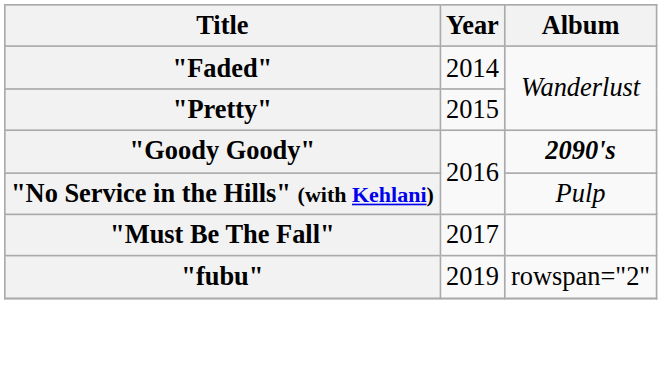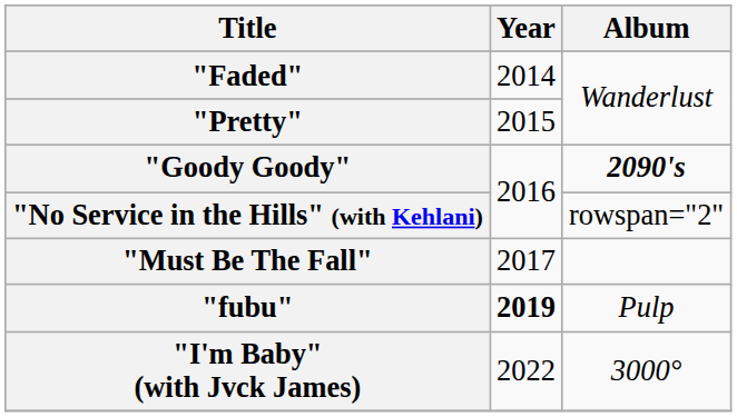 <table class="wikitable plainrowheaders" style="text-align:center;">
 <tr>
 <th scope="col">Title</th>
 <th scope="col">Year</th>
 <th scope="col">Album</th>
 </tr>
 <tr>
 <th scope="row">"Faded"</th>
 <td>2014</td>
 <td rowspan="2"><em>Wanderlust</em></td>
 </tr>
 <tr>
 <th scope="row">"Pretty"</th>
 <td>2015</td>
 </tr>
 <tr>
 <th scope="row">"Goody Goody"</th>
 <td rowspan="2">2016</td>
 <td><strong><em>2090's</em></strong></td>
 </tr>
 <tr>
 <th scope="row">"No Service in the Hills" <small>(with <a href='#'>Kehlani</a>)</small></th>
-<td><em>Pulp</em></td>
+<td>rowspan="2" </td>
 </tr>
 <tr>
 <th scope="row">"Must Be The Fall"</th>
 <td>2017</td>
 </tr>
 <tr>
 <th scope="row">"fubu"</th>
-<td>2019</td>
-<td>rowspan="2" </td>
+<td><strong>2019</strong></td>
+<td><em>Pulp</em></td>
+</tr>
+<tr>
+<th>"I'm Baby"<br>(with Jvck James)</th>
+<td>2022</td>
+<td><em>3000°</em></td>
 </tr>
 <tr>
 </tr>
 </table>
